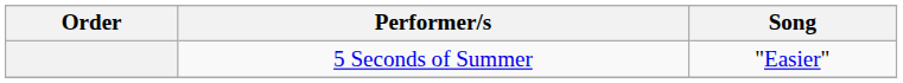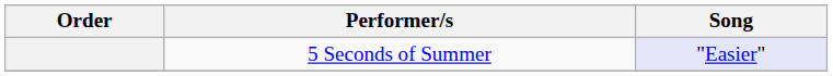 <table class="wikitable" style="text-align:center; width:50%;">
 <tr>
 </tr>
 <tr>
 <th>Order</th>
 <th>Performer/s</th>
 <th>Song</th>
 </tr>
 <tr>
 <th></th>
 <td><a href='#'>5 Seconds of Summer</a></td>
-<td>"<a href='#'>Easier</a>"</td>
+<td style="background: lavender;">"<a href='#'>Easier</a>"</td>
 </tr>
 <tr>
 </tr>
 </table>
